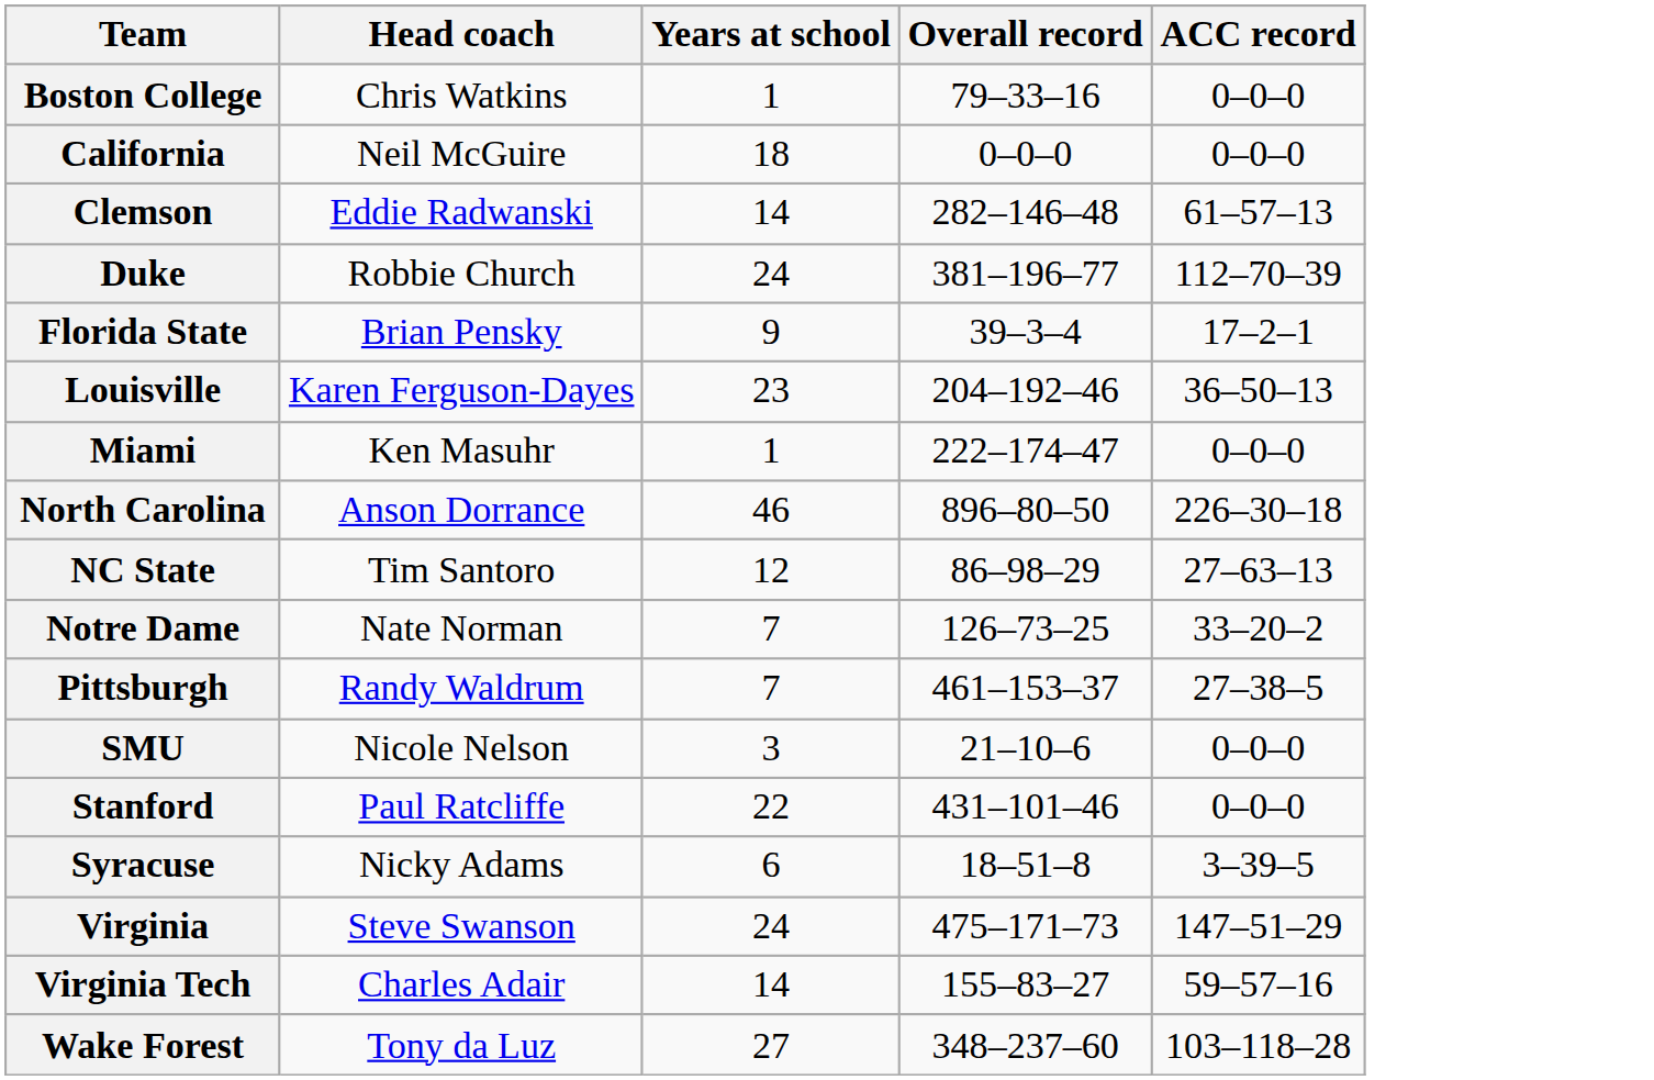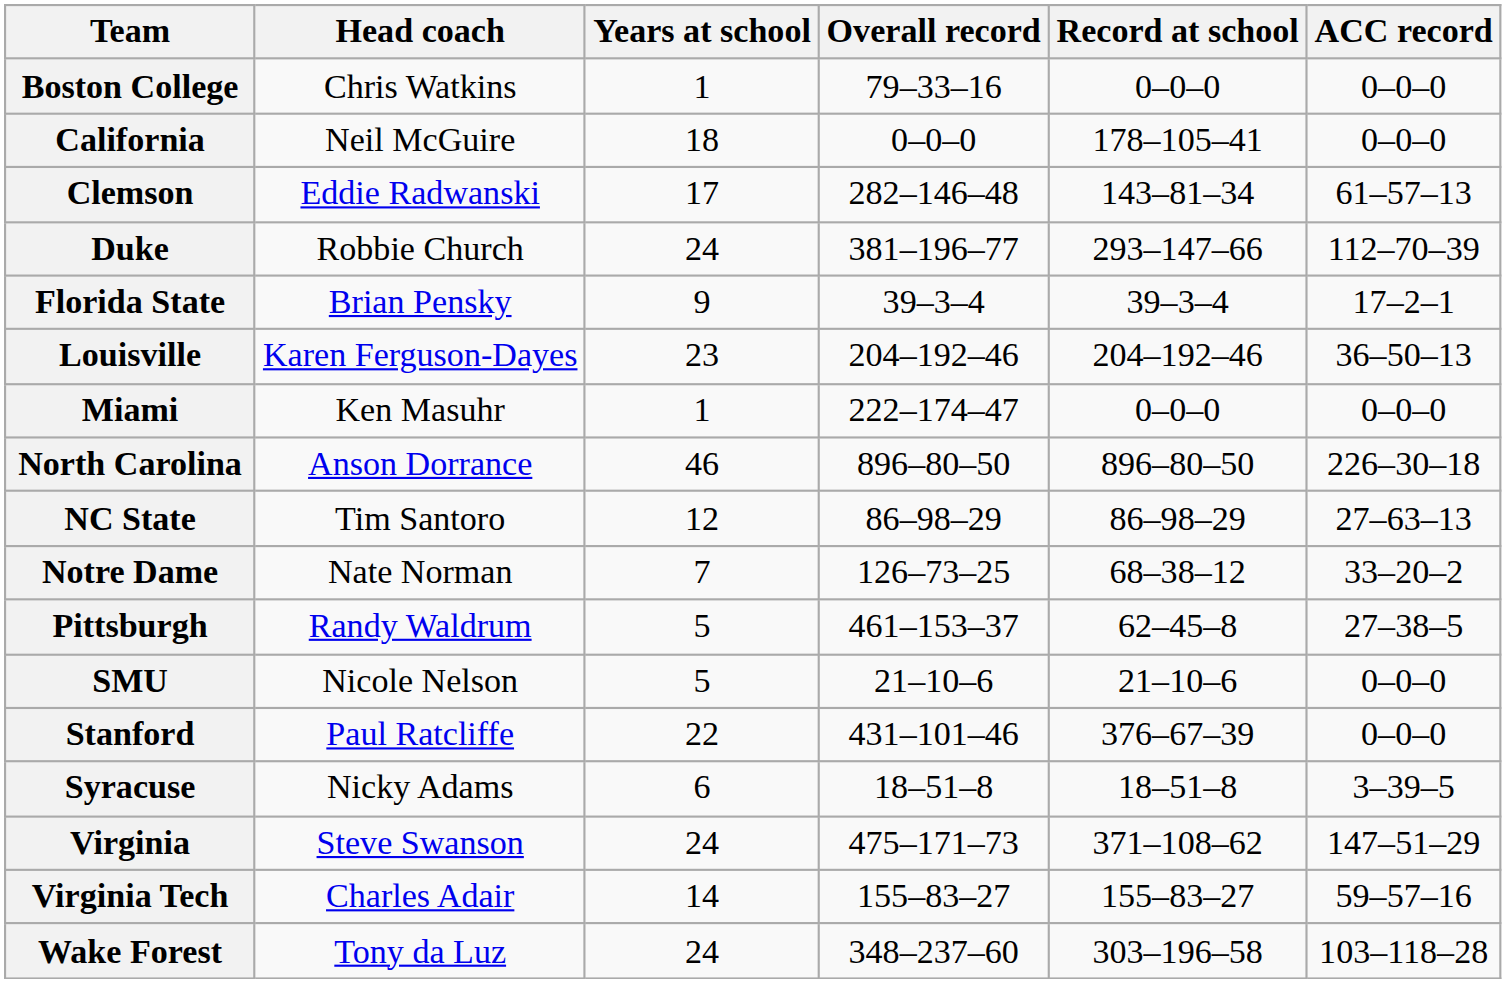 <table class="wikitable sortable" style="text-align: center;">
 <tr>
 <th width="110">Team</th>
 <th>Head coach</th>
 <th>Years at school</th>
 <th>Overall record</th>
+<th>Record at school</th>
 <th>ACC record</th>
 </tr>
 <tr>
 <th>Boston College</th>
 <td>Chris Watkins</td>
 <td>1</td>
 <td>79–33–16</td>
 <td>0–0–0</td>
+<td>0–0–0</td>
 </tr>
 <tr>
 <th>California</th>
 <td>Neil McGuire</td>
 <td>18</td>
 <td>0–0–0</td>
+<td>178–105–41</td>
 <td>0–0–0</td>
 </tr>
 <tr>
 <th>Clemson</th>
 <td><a href='#'>Eddie Radwanski</a></td>
-<td>14</td>
+<td>17</td>
 <td>282–146–48</td>
+<td>143–81–34</td>
 <td>61–57–13</td>
 </tr>
 <tr>
 <th>Duke</th>
 <td>Robbie Church</td>
 <td>24</td>
 <td>381–196–77</td>
+<td>293–147–66</td>
 <td>112–70–39</td>
 </tr>
 <tr>
 <th>Florida State</th>
 <td><a href='#'>Brian Pensky</a></td>
 <td>9</td>
 <td>39–3–4</td>
+<td>39–3–4</td>
 <td>17–2–1</td>
 </tr>
 <tr>
 <th>Louisville</th>
 <td><a href='#'>Karen Ferguson-Dayes</a></td>
 <td>23</td>
+<td>204–192–46</td>
 <td>204–192–46</td>
 <td>36–50–13</td>
 </tr>
 <tr>
 <th>Miami</th>
 <td>Ken Masuhr</td>
 <td>1</td>
 <td>222–174–47</td>
 <td>0–0–0</td>
+<td>0–0–0</td>
 </tr>
 <tr>
 <th>North Carolina</th>
 <td><a href='#'>Anson Dorrance</a></td>
 <td>46</td>
+<td>896–80–50</td>
 <td>896–80–50</td>
 <td>226–30–18</td>
 </tr>
 <tr>
 <th>NC State</th>
 <td>Tim Santoro</td>
 <td>12</td>
 <td>86–98–29</td>
+<td>86–98–29</td>
 <td>27–63–13</td>
 </tr>
 <tr>
 <th>Notre Dame</th>
 <td>Nate Norman</td>
 <td>7</td>
 <td>126–73–25</td>
+<td>68–38–12</td>
 <td>33–20–2</td>
 </tr>
 <tr>
 <th>Pittsburgh</th>
 <td><a href='#'>Randy Waldrum</a></td>
-<td>7</td>
+<td>5</td>
 <td>461–153–37</td>
+<td>62–45–8</td>
 <td>27–38–5</td>
 </tr>
 <tr>
 <th>SMU</th>
 <td>Nicole Nelson</td>
-<td>3</td>
+<td>5</td>
+<td>21–10–6</td>
 <td>21–10–6</td>
 <td>0–0–0</td>
 </tr>
 <tr>
 <th>Stanford</th>
 <td><a href='#'>Paul Ratcliffe</a></td>
 <td>22</td>
 <td>431–101–46</td>
+<td>376–67–39</td>
 <td>0–0–0</td>
 </tr>
 <tr>
 <th>Syracuse</th>
 <td>Nicky Adams</td>
 <td>6</td>
+<td>18–51–8</td>
 <td>18–51–8</td>
 <td>3–39–5</td>
 </tr>
 <tr>
 <th>Virginia</th>
 <td><a href='#'>Steve Swanson</a></td>
 <td>24</td>
 <td>475–171–73</td>
+<td>371–108–62</td>
 <td>147–51–29</td>
 </tr>
 <tr>
 <th>Virginia Tech</th>
 <td><a href='#'>Charles Adair</a></td>
 <td>14</td>
 <td>155–83–27</td>
+<td>155–83–27</td>
 <td>59–57–16</td>
 </tr>
 <tr>
 <th>Wake Forest</th>
 <td><a href='#'>Tony da Luz</a></td>
-<td>27</td>
+<td>24</td>
 <td>348–237–60</td>
+<td>303–196–58</td>
 <td>103–118–28</td>
 </tr>
 </table>
